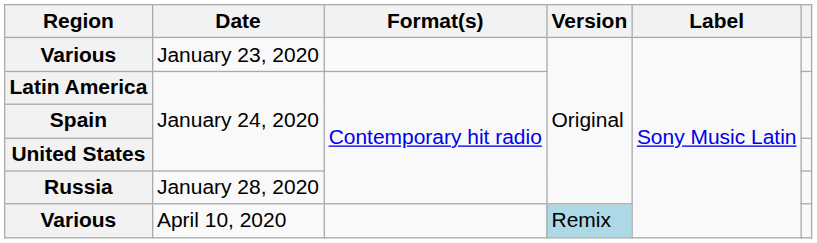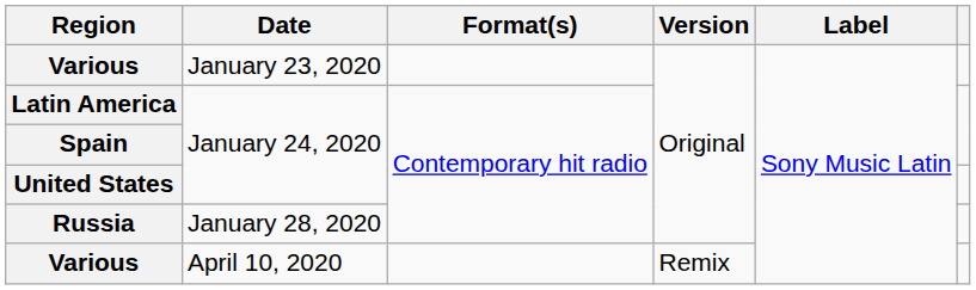 <table class="wikitable plainrowheaders" border="1">
 <tr>
 <th scope="col">Region</th>
 <th scope="col">Date</th>
 <th scope="col">Format(s)</th>
 <th scope="col">Version</th>
 <th scope="col">Label</th>
 <th scope="col"></th>
 </tr>
 <tr>
 <th scope="row">Various</th>
 <td>January 23, 2020</td>
 <td></td>
 <td rowspan="5">Original</td>
 <td rowspan="6"><a href='#'>Sony Music Latin</a></td>
 <td style="text-align:center;"></td>
 </tr>
 <tr>
 <th scope="row">Latin America</th>
 <td rowspan="3">January 24, 2020</td>
 <td rowspan="4"><a href='#'>Contemporary hit radio</a></td>
 <td style="text-align:center;"rowspan="2"></td>
 </tr>
 <tr>
 <th scope="row">Spain</th>
 </tr>
 <tr>
 <th scope="row">United States</th>
 <td style="text-align:center;"></td>
 </tr>
 <tr>
 <th scope="row">Russia</th>
 <td>January 28, 2020</td>
 <td style="text-align:center;"></td>
 </tr>
 <tr>
 <th scope="row">Various</th>
 <td>April 10, 2020</td>
 <td></td>
-<td style="background: lightblue;">Remix</td>
+<td>Remix</td>
 <td style="text-align:center;"></td>
 </tr>
 </table>
